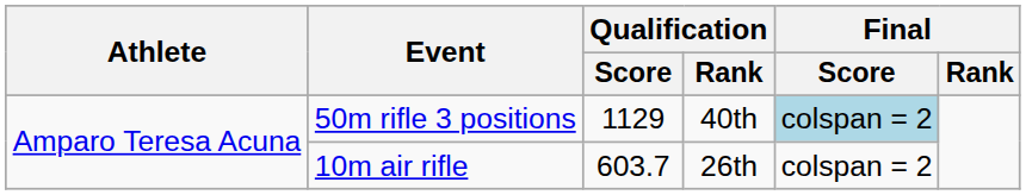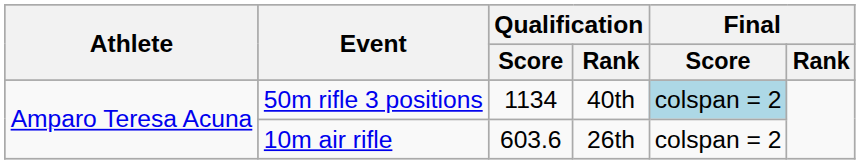 <table class="wikitable" style="font-size:90%">
 <tr>
 <th rowspan=2>Athlete</th>
 <th rowspan=2>Event</th>
 <th colspan=2>Qualification</th>
 <th colspan=2>Final</th>
 </tr>
 <tr style="font-size:95%">
 <th>Score</th>
 <th>Rank</th>
 <th>Score</th>
 <th>Rank</th>
 </tr>
 <tr align=center>
 <td rowspan=2 align=left><a href='#'>Amparo Teresa Acuna</a></td>
 <td><a href='#'>50m rifle 3 positions</a></td>
-<td align=center>1129</td>
+<td align=center>1134</td>
 <td align=center>40th</td>
 <td style="background: lightblue;">colspan = 2 </td>
 </tr>
 <tr>
 <td><a href='#'>10m air rifle</a></td>
-<td align=center>603.7</td>
+<td align=center>603.6</td>
 <td align=center>26th</td>
 <td>colspan = 2 </td>
 </tr>
 </table>
